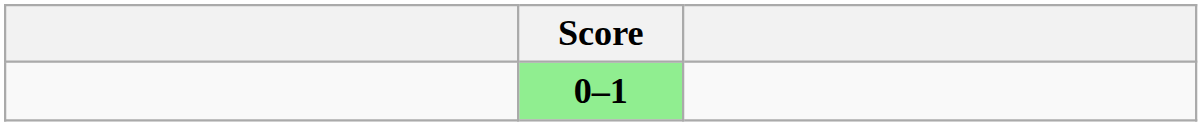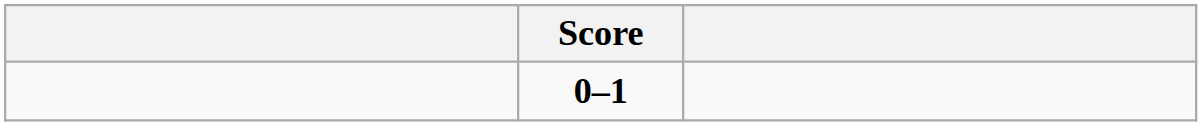 <table class="wikitable" style="text-align: center;">
 <tr>
 <th align="right" width="220"></th>
 <th width="65">Score</th>
 <th align="left" width="220"></th>
 </tr>
 <tr>
 <td align=right></td>
-<td align=center style="background: lightgreen;"><strong>0–1</strong></td>
+<td align=center><strong>0–1</strong></td>
 <td align=left><strong></strong></td>
 </tr>
 </table>
